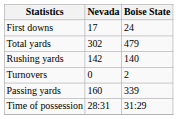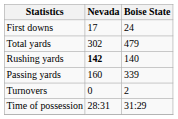 <table class="wikitable">
 <tr>
 <th>Statistics</th>
 <th>Nevada</th>
 <th>Boise State</th>
 </tr>
 <tr>
 <td>First downs</td>
 <td>17</td>
 <td>24</td>
 </tr>
 <tr>
 <td>Total yards</td>
 <td>302</td>
 <td>479</td>
 </tr>
 <tr>
 <td>Rushing yards</td>
-<td>142</td>
+<td><strong>142</strong></td>
 <td>140</td>
+</tr>
+<tr>
+<td>Passing yards</td>
+<td>160</td>
+<td>339</td>
 </tr>
 <tr>
 <td>Turnovers</td>
 <td>0</td>
 <td>2</td>
-</tr>
-<tr>
-<td>Passing yards</td>
-<td>160</td>
-<td>339</td>
 </tr>
 <tr>
 <td>Time of possession</td>
 <td>28:31</td>
 <td>31:29</td>
 </tr>
 <tr>
 </tr>
 </table>
